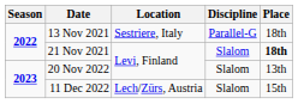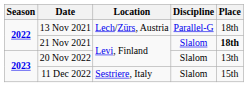 <table class=wikitable style="text-align:center">
 <tr>
 <th>Season</th>
 <th>Date</th>
 <th>Location</th>
 <th>Discipline</th>
 <th>Place</th>
 </tr>
 <tr>
 <td rowspan=2><strong><a href='#'>2022</a></strong></td>
 <td align=right>13 Nov 2021</td>
-<td align=left> <a href='#'>Sestriere</a>, Italy</td>
+<td align=left> <a href='#'>Lech</a>/<a href='#'>Zürs</a>, Austria</td>
 <td><a href='#'>Parallel-G</a></td>
 <td>18th</td>
 </tr>
 <tr>
 <td align=right>21 Nov 2021</td>
 <td align=left rowspan=2> <a href='#'>Levi</a>, Finland</td>
 <td><a href='#'>Slalom</a></td>
 <td><strong>18th</strong></td>
 </tr>
 <tr>
 <td rowspan=2><strong><a href='#'>2023</a></strong></td>
 <td align=right>20 Nov 2022</td>
 <td>Slalom</td>
 <td>13th</td>
 </tr>
 <tr>
 <td align=right>11 Dec 2022</td>
-<td align=left> <a href='#'>Lech</a>/<a href='#'>Zürs</a>, Austria</td>
+<td align=left> <a href='#'>Sestriere</a>, Italy</td>
 <td>Slalom</td>
 <td>15th</td>
 </tr>
 </table>
